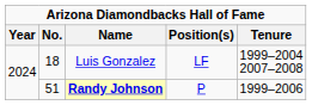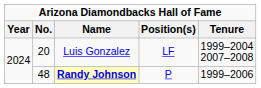 <table class="wikitable" style="text-align:center">
 <tr>
 <td colspan="5"><strong>Arizona Diamondbacks Hall of Fame</strong></td>
 </tr>
 <tr>
 <th scope="col">Year</th>
 <th scope="col">No.</th>
 <th scope="col">Name</th>
 <th scope="col">Position(s)</th>
 <th scope="col">Tenure</th>
 </tr>
 <tr>
 <td rowspan=2>2024</td>
-<td>18</td>
+<td>20</td>
 <td><a href='#'>Luis Gonzalez</a></td>
 <td><a href='#'>LF</a></td>
 <td>1999–2004<br>2007–2008</td>
 </tr>
 <tr>
-<td>51</td>
+<td>48</td>
 <td style="background:#ffb;"><strong><a href='#'>Randy Johnson</a></strong></td>
 <td><a href='#'>P</a></td>
 <td>1999–2006</td>
 </tr>
 </table>
